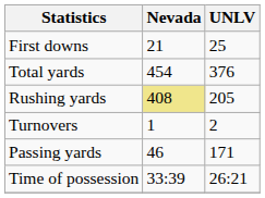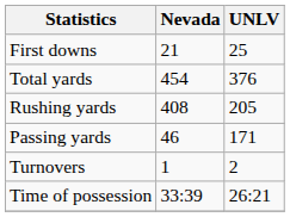 <table class="wikitable">
 <tr>
 <th>Statistics</th>
 <th>Nevada</th>
 <th>UNLV</th>
 </tr>
 <tr>
 <td>First downs</td>
 <td>21</td>
 <td>25</td>
 </tr>
 <tr>
 <td>Total yards</td>
 <td>454</td>
 <td>376</td>
 </tr>
 <tr>
 <td>Rushing yards</td>
-<td style="background: khaki;">408</td>
+<td>408</td>
 <td>205</td>
+</tr>
+<tr>
+<td>Passing yards</td>
+<td>46</td>
+<td>171</td>
 </tr>
 <tr>
 <td>Turnovers</td>
 <td>1</td>
 <td>2</td>
-</tr>
-<tr>
-<td>Passing yards</td>
-<td>46</td>
-<td>171</td>
 </tr>
 <tr>
 <td>Time of possession</td>
 <td>33:39</td>
 <td>26:21</td>
 </tr>
 <tr>
 </tr>
 </table>
